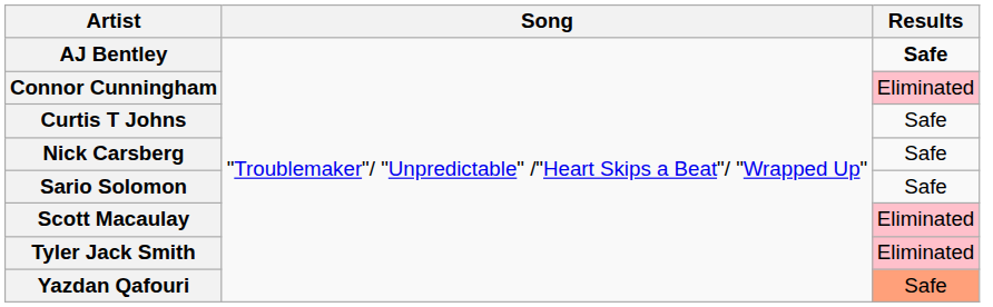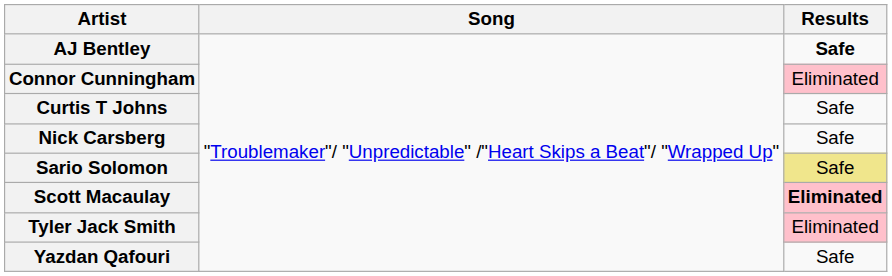 <table class="wikitable plainrowheaders" style="text-align:center;">
 <tr>
 <th scope="col">Artist</th>
 <th scope="col">Song</th>
 <th scope="col">Results</th>
 </tr>
 <tr>
 <th scope="row">AJ Bentley</th>
 <td rowspan="8">"<a href='#'>Troublemaker</a>"/ "<a href='#'>Unpredictable</a>" /"<a href='#'>Heart Skips a Beat</a>"/ "<a href='#'>Wrapped Up</a>"</td>
 <td><strong>Safe</strong></td>
 </tr>
 <tr>
 <th scope="row">Connor Cunningham</th>
 <td style="background:pink;">Eliminated</td>
 </tr>
 <tr>
 <th scope="row">Curtis T Johns</th>
 <td>Safe</td>
 </tr>
 <tr>
 <th scope="row">Nick Carsberg</th>
 <td>Safe</td>
 </tr>
 <tr>
 <th scope="row">Sario Solomon</th>
-<td>Safe</td>
+<td style="background: khaki;">Safe</td>
 </tr>
 <tr>
 <th scope="row">Scott Macaulay</th>
-<td style="background:pink;">Eliminated</td>
+<td style="background:pink;"><strong>Eliminated</strong></td>
 </tr>
 <tr>
 <th scope="row">Tyler Jack Smith</th>
 <td style="background:pink;">Eliminated</td>
 </tr>
 <tr>
 <th scope="row">Yazdan Qafouri</th>
-<td style="background: lightsalmon;">Safe</td>
+<td>Safe</td>
 </tr>
 </table>
